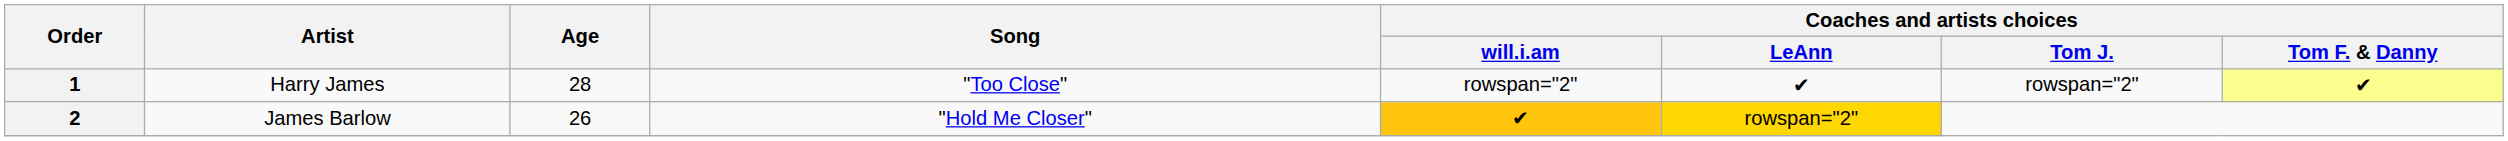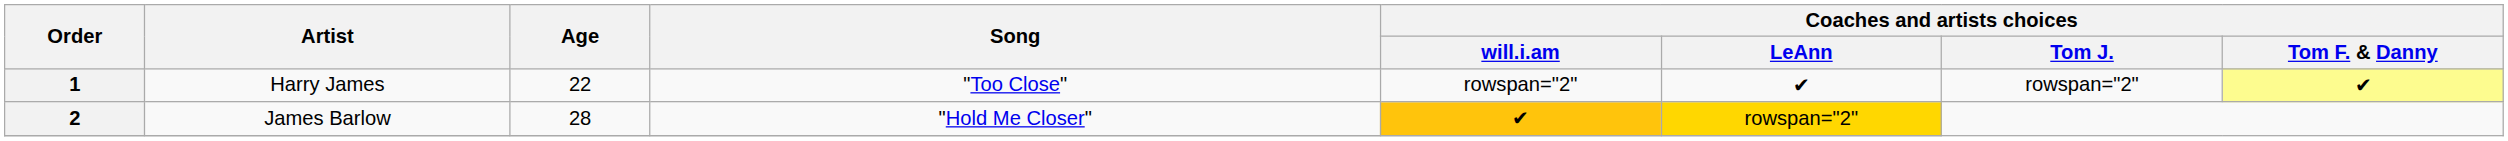 <table class="wikitable" style="text-align:center; width:100%;">
 <tr>
 <th rowspan="2" scope="col" style="width:05%;">Order</th>
 <th rowspan="2" scope="col" style="width:13%;">Artist</th>
 <th rowspan="2" scope="col" style="width:05%;">Age</th>
 <th rowspan="2" scope="col" style="width:26%;">Song</th>
 <th colspan="4" scope="col" style="width:40%;">Coaches and artists choices</th>
 </tr>
 <tr>
 <th style="width:10%;"><a href='#'>will.i.am</a></th>
 <th style="width:10%;"><a href='#'>LeAnn</a></th>
 <th style="width:10%;"><a href='#'>Tom J.</a></th>
 <th style="width:10%;"><a href='#'>Tom F.</a> & <a href='#'>Danny</a></th>
 </tr>
 <tr>
 <th>1</th>
 <td scope="row">Harry James</td>
-<td>28</td>
+<td>22</td>
 <td>"<a href='#'>Too Close</a>"</td>
 <td>rowspan="2" </td>
 <td>✔</td>
 <td>rowspan="2" </td>
 <td style="background:#fdfc8f">✔</td>
 </tr>
 <tr>
 <th>2</th>
 <td scope="row">James Barlow</td>
-<td>26</td>
+<td>28</td>
 <td>"<a href='#'>Hold Me Closer</a>"</td>
 <td style="background:#ffc40c">✔</td>
 <td style="background: gold;">rowspan="2" </td>
 </tr>
 <tr>
 </tr>
 </table>
